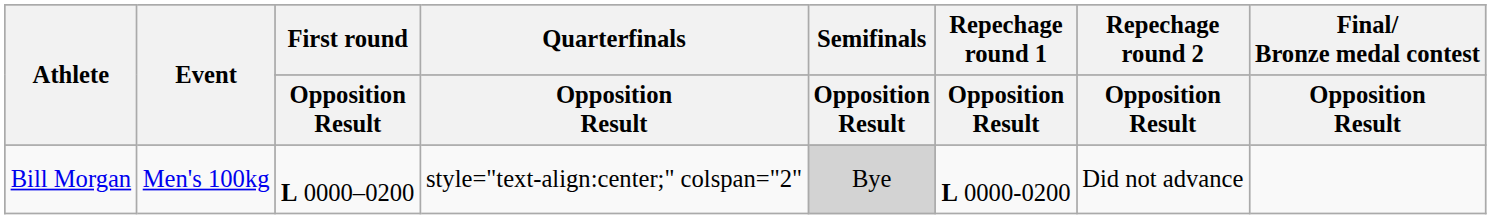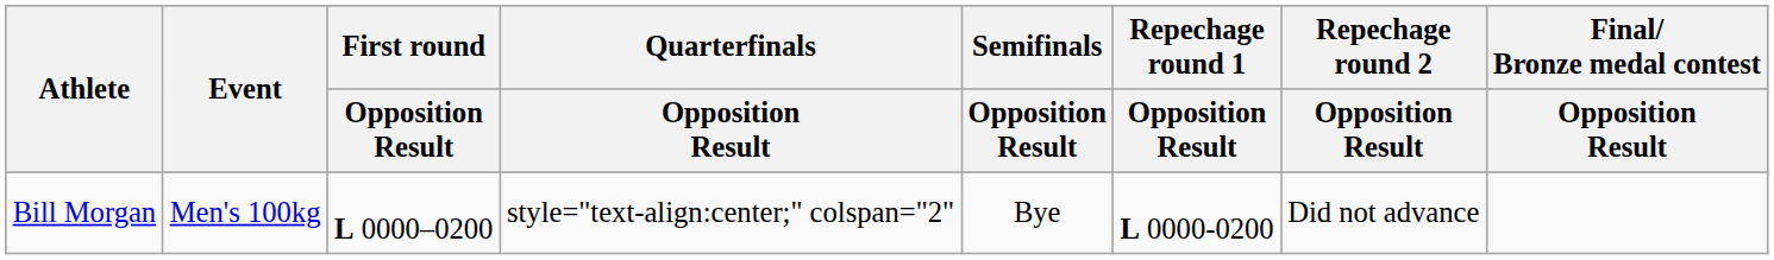 <table class=wikitable style="font-size:90%">
 <tr>
 <th rowspan="2">Athlete</th>
 <th rowspan="2">Event</th>
 <th>First round</th>
 <th>Quarterfinals</th>
 <th>Semifinals</th>
 <th>Repechage <br>round 1</th>
 <th>Repechage <br>round 2</th>
 <th>Final/<br>Bronze medal contest</th>
 </tr>
 <tr>
 <th>Opposition<br>Result</th>
 <th>Opposition<br>Result</th>
 <th>Opposition<br>Result</th>
 <th>Opposition<br>Result</th>
 <th>Opposition<br>Result</th>
 <th>Opposition<br>Result</th>
 </tr>
 <tr>
 <td><a href='#'>Bill Morgan</a></td>
 <td style="text-align:center;"><a href='#'>Men's 100kg</a></td>
 <td style="text-align:center;"><br> <strong>L</strong> 0000–0200</td>
 <td>style="text-align:center;" colspan="2" </td>
-<td style="background: lightgrey; text-align:center;">Bye</td>
+<td style="text-align:center;">Bye</td>
 <td style="text-align:center;"><br> <strong>L</strong> 0000-0200</td>
 <td style="text-align:center;">Did not advance</td>
 </tr>
 </table>
